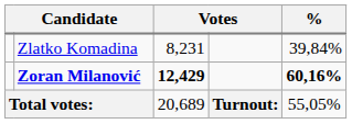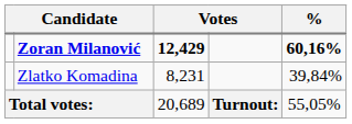 <table class="wikitable" style="font-size: 95%;">
 <tr>
 <th colspan="2" scope="col" rowspan="2" style="width:125px;">Candidate</th>
 </tr>
 <tr style="border-bottom:2px solid gray;">
 <th scope="col" colspan="2">Votes</th>
 <th>%</th>
 </tr>
 <tr style="text-align:right;">
 <td style="background-color: "></td>
+<td scope="row" style="text-align:left;"><strong><a href='#'>Zoran Milanović</a></strong> </td>
+<td><strong>12,429</strong></td>
+<td align=center></td>
+<td><strong>60,16%</strong></td>
+</tr>
+<tr style="text-align:right;">
+<td style="background-color: "></td>
 <td scope="row" style="text-align:left;"><a href='#'>Zlatko Komadina</a></td>
 <td>8,231</td>
 <td align=center></td>
 <td>39,84%</td>
-</tr>
-<tr style="text-align:right;">
-<td style="background-color: "></td>
-<td scope="row" style="text-align:left;"><strong><a href='#'>Zoran Milanović</a></strong> </td>
-<td><strong>12,429</strong></td>
-<td align=center></td>
-<td><strong>60,16%</strong></td>
 </tr>
 <tr style="text-align:right;">
 <th scope="col" colspan="2" style="text-align:left;"><strong>Total votes:</strong></th>
 <td>20,689</td>
 <th scope="col" style="text-align:left;"><strong>Turnout:</strong></th>
 <td align=center>55,05%</td>
 </tr>
 </table>
